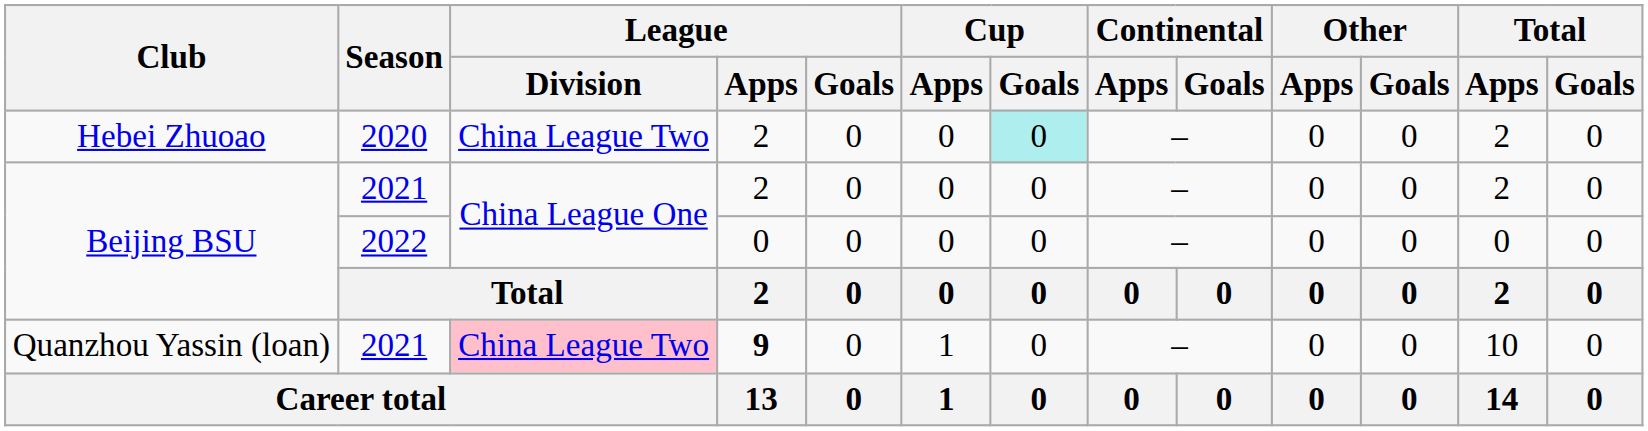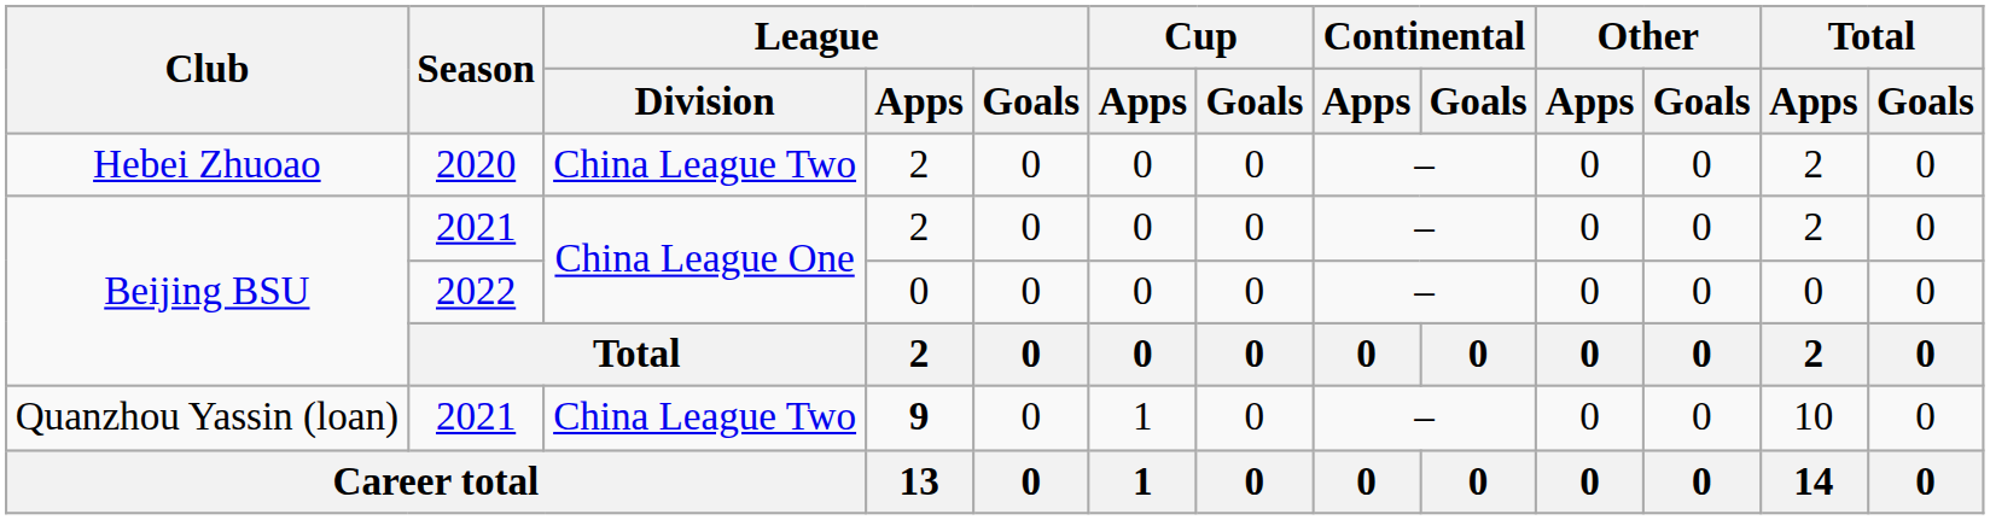 <table class="wikitable" style="text-align: center">
 <tr>
 <th rowspan="2">Club</th>
 <th rowspan="2">Season</th>
 <th colspan="3">League</th>
 <th colspan="2">Cup</th>
 <th colspan="2">Continental</th>
 <th colspan="2">Other</th>
 <th colspan="2">Total</th>
 </tr>
 <tr>
 <th>Division</th>
 <th>Apps</th>
 <th>Goals</th>
 <th>Apps</th>
 <th>Goals</th>
 <th>Apps</th>
 <th>Goals</th>
 <th>Apps</th>
 <th>Goals</th>
 <th>Apps</th>
 <th>Goals</th>
 </tr>
 <tr>
 <td><a href='#'>Hebei Zhuoao</a></td>
 <td><a href='#'>2020</a></td>
 <td><a href='#'>China League Two</a></td>
 <td>2</td>
 <td>0</td>
 <td>0</td>
-<td style="background: paleturquoise;">0</td>
+<td>0</td>
 <td colspan="2">–</td>
 <td>0</td>
 <td>0</td>
 <td>2</td>
 <td>0</td>
 </tr>
 <tr>
 <td rowspan="3"><a href='#'>Beijing BSU</a></td>
 <td><a href='#'>2021</a></td>
 <td rowspan="2"><a href='#'>China League One</a></td>
 <td>2</td>
 <td>0</td>
 <td>0</td>
 <td>0</td>
 <td colspan="2">–</td>
 <td>0</td>
 <td>0</td>
 <td>2</td>
 <td>0</td>
 </tr>
 <tr>
 <td><a href='#'>2022</a></td>
 <td>0</td>
 <td>0</td>
 <td>0</td>
 <td>0</td>
 <td colspan="2">–</td>
 <td>0</td>
 <td>0</td>
 <td>0</td>
 <td>0</td>
 </tr>
 <tr>
 <th colspan=2>Total</th>
 <th>2</th>
 <th>0</th>
 <th>0</th>
 <th>0</th>
 <th>0</th>
 <th>0</th>
 <th>0</th>
 <th>0</th>
 <th>2</th>
 <th>0</th>
 </tr>
 <tr>
 <td>Quanzhou Yassin (loan)</td>
 <td><a href='#'>2021</a></td>
-<td style="background: pink;"><a href='#'>China League Two</a></td>
+<td><a href='#'>China League Two</a></td>
 <td><strong>9</strong></td>
 <td>0</td>
 <td>1</td>
 <td>0</td>
 <td colspan="2">–</td>
 <td>0</td>
 <td>0</td>
 <td>10</td>
 <td>0</td>
 </tr>
 <tr>
 <th colspan=3>Career total</th>
 <th>13</th>
 <th>0</th>
 <th>1</th>
 <th>0</th>
 <th>0</th>
 <th>0</th>
 <th>0</th>
 <th>0</th>
 <th>14</th>
 <th>0</th>
 </tr>
 </table>
